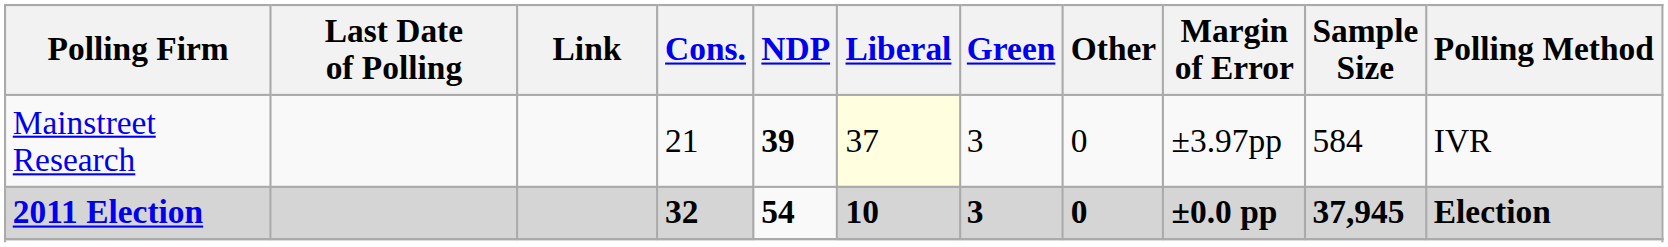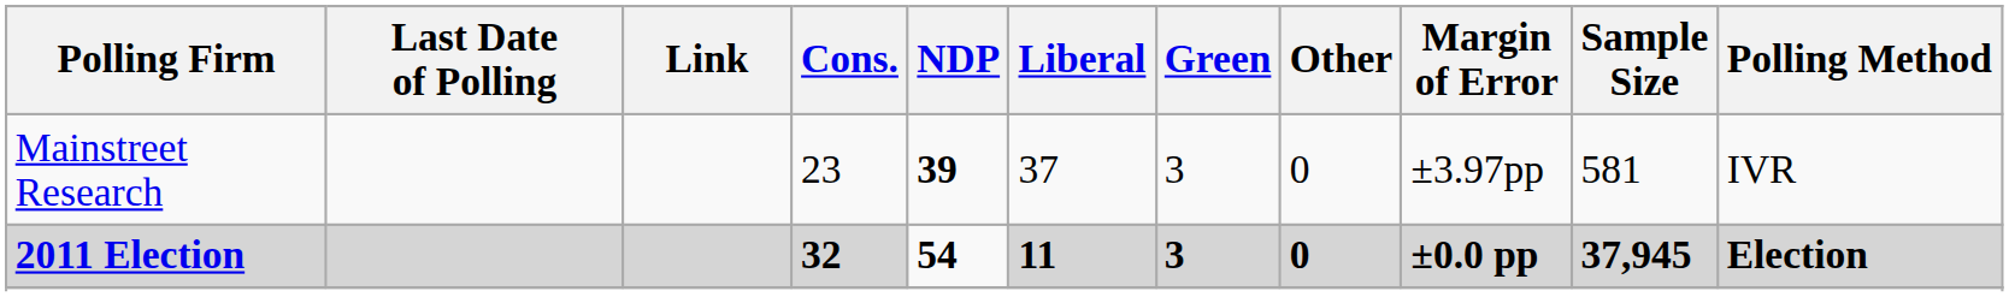 <table class="wikitable sortable">
 <tr style="background:#e9e9e9;">
 <th style="width:120px">Polling Firm</th>
 <th style="width:110px">Last Date<br>of Polling</th>
 <th style="width:60px" class="unsortable">Link</th>
 <th style="background-color:"><strong><a href='#'>Cons.</a></strong></th>
 <th style="background-color:"><strong><a href='#'>NDP</a></strong></th>
 <th style="background-color:"><strong><a href='#'>Liberal</a></strong></th>
 <th style="background-color:"><strong><a href='#'>Green</a></strong></th>
 <th style="background-color:"><strong>Other</strong></th>
 <th style="width:60px;" class=unsortable>Margin<br>of Error</th>
 <th style="width:50px;" class=unsortable>Sample<br>Size</th>
 <th class=unsortable>Polling Method</th>
 </tr>
 <tr>
 <td><a href='#'>Mainstreet Research</a></td>
 <td></td>
 <td></td>
-<td>21</td>
+<td>23</td>
 <td><strong>39</strong></td>
-<td style="background: lightyellow;">37</td>
+<td>37</td>
 <td>3</td>
 <td>0</td>
 <td>±3.97pp</td>
-<td>584</td>
+<td>581</td>
 <td>IVR</td>
 </tr>
 <tr>
 <td style="background:#D5D5D5"><strong><a href='#'>2011 Election</a></strong></td>
 <td style="background:#D5D5D5"><strong></strong></td>
 <td style="background:#D5D5D5"></td>
 <td style="background:#D5D5D5"><strong>32</strong></td>
 <td><strong>54</strong></td>
-<td style="background:#D5D5D5"><strong>10</strong></td>
+<td style="background:#D5D5D5"><strong>11</strong></td>
 <td style="background:#D5D5D5"><strong>3</strong></td>
 <td style="background:#D5D5D5"><strong>0</strong></td>
 <td style="background:#D5D5D5"><strong>±0.0 pp</strong></td>
 <td style="background:#D5D5D5"><strong>37,945</strong></td>
 <td style="background:#D5D5D5"><strong>Election</strong></td>
 </tr>
 <tr>
 </tr>
 <tr>
 </tr>
 </table>
